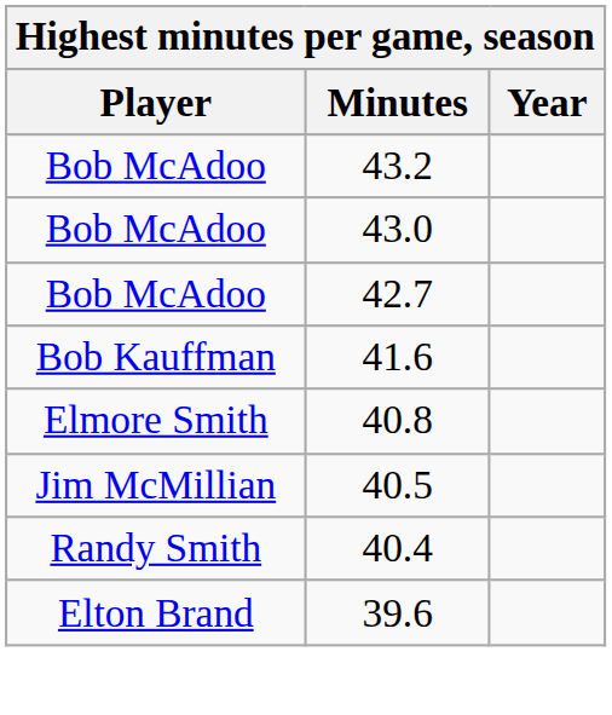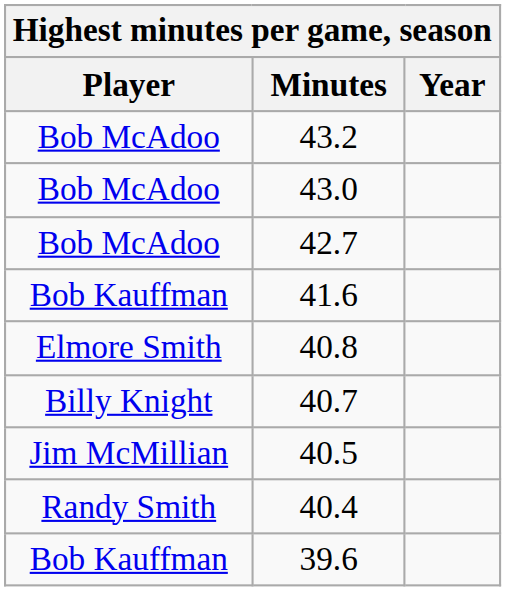 <table class="wikitable sortable" style="text-align:center">
 <tr>
 <th colspan="3">Highest minutes per game, season</th>
 </tr>
 <tr>
 <th>Player</th>
 <th>Minutes</th>
 <th>Year</th>
 </tr>
 <tr>
 <td><a href='#'>Bob McAdoo</a></td>
 <td>43.2</td>
 <td></td>
 </tr>
 <tr>
 <td><a href='#'>Bob McAdoo</a></td>
 <td>43.0</td>
 <td></td>
 </tr>
 <tr>
 <td><a href='#'>Bob McAdoo</a></td>
 <td>42.7</td>
 <td></td>
 </tr>
 <tr>
 <td><a href='#'>Bob Kauffman</a></td>
 <td>41.6</td>
 <td></td>
 </tr>
 <tr>
 <td><a href='#'>Elmore Smith</a></td>
 <td>40.8</td>
 <td></td>
 </tr>
 <tr>
+<td><a href='#'>Billy Knight</a></td>
+<td>40.7</td>
+<td></td>
+</tr>
+<tr>
 <td><a href='#'>Jim McMillian</a></td>
 <td>40.5</td>
 <td></td>
 </tr>
 <tr>
 <td><a href='#'>Randy Smith</a></td>
 <td>40.4</td>
 <td></td>
 </tr>
 <tr>
-<td><a href='#'>Elton Brand</a></td>
+<td><a href='#'>Bob Kauffman</a></td>
 <td>39.6</td>
 <td></td>
 </tr>
 </table>
